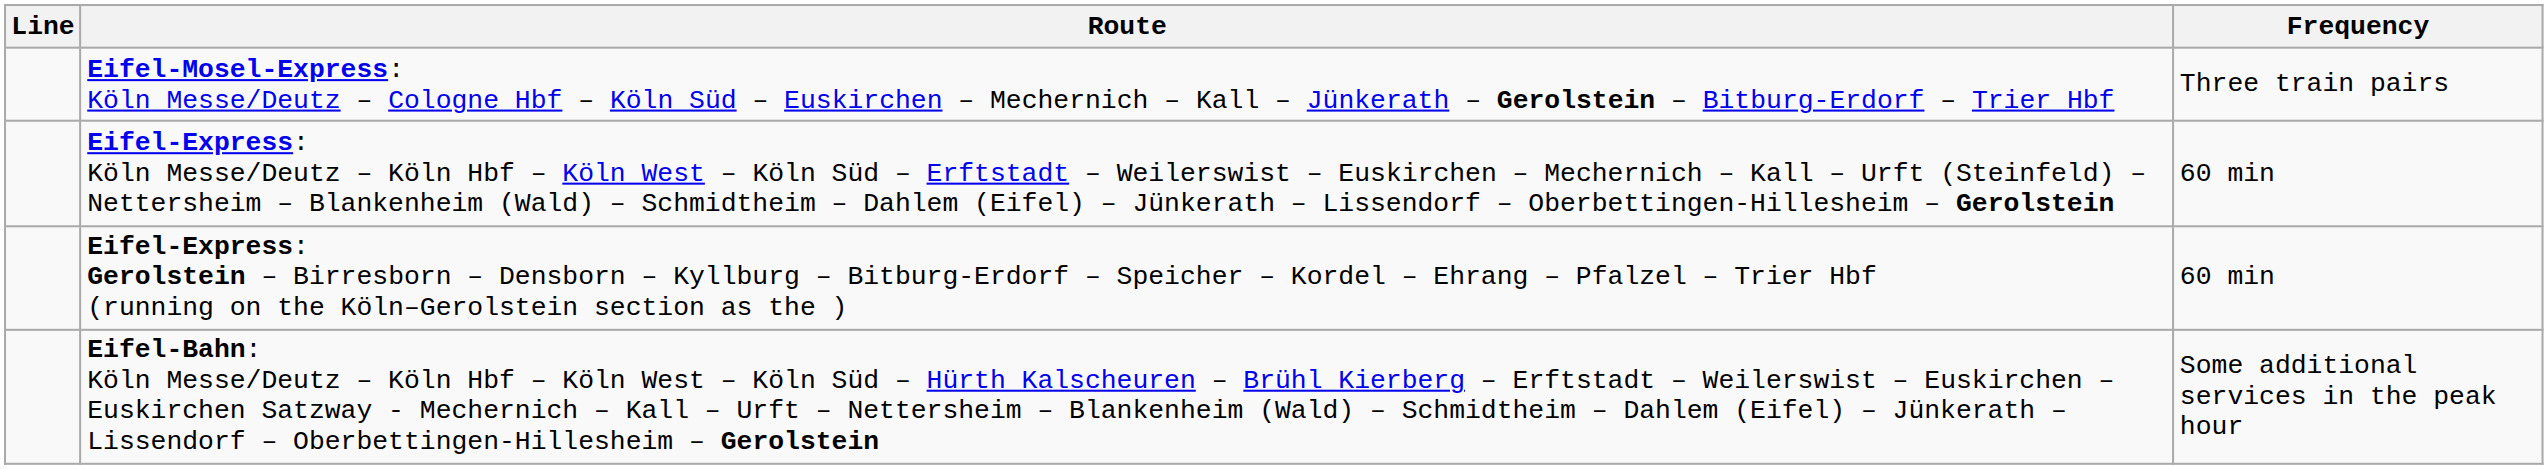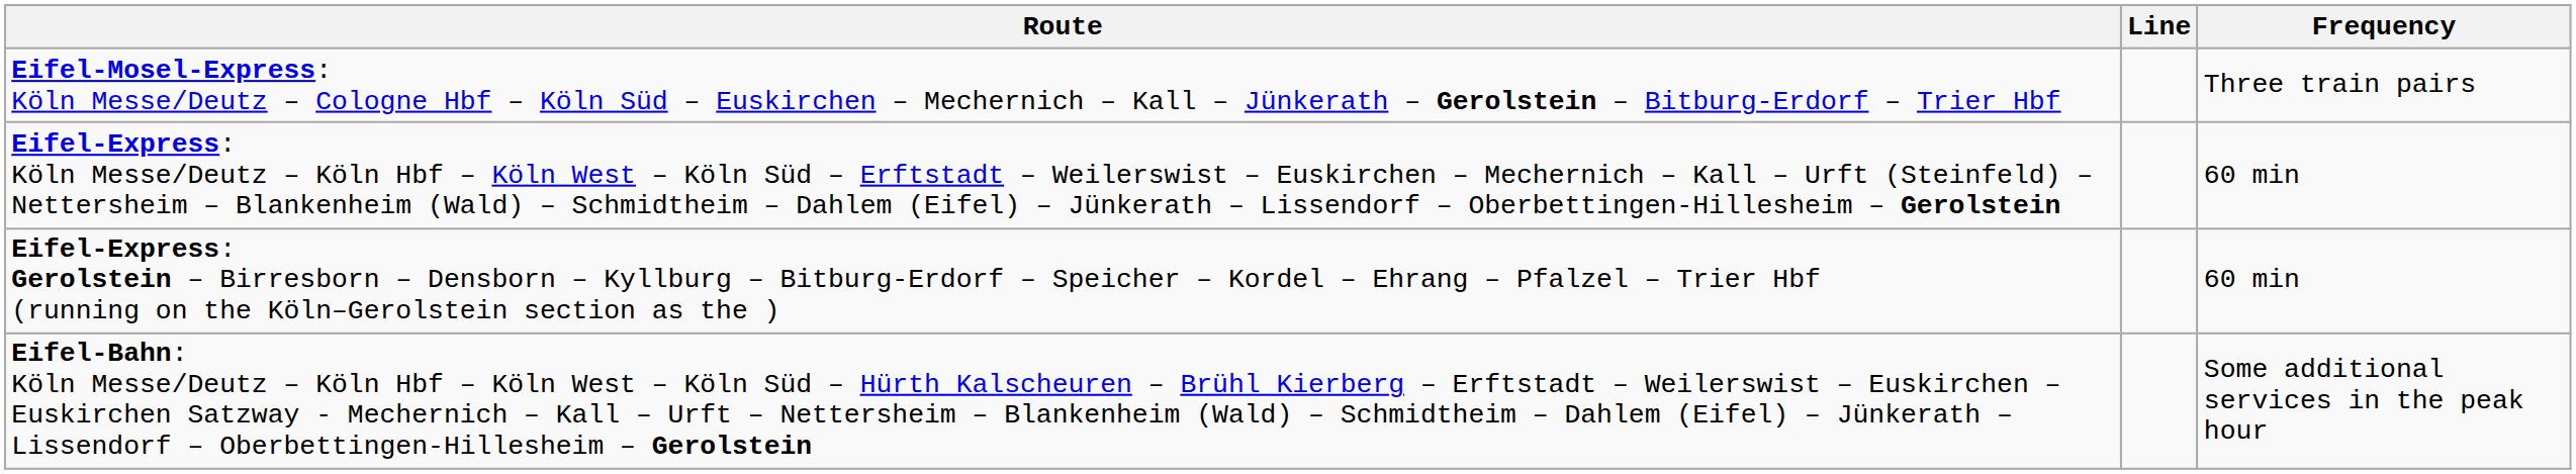 <table class="wikitable">
 <tr>
+<th>Route</th>
 <th>Line</th>
-<th>Route</th>
 <th>Frequency</th>
 </tr>
 <tr>
+<td><strong><a href='#'>Eifel-Mosel-Express</a></strong>:<br><a href='#'>Köln Messe/Deutz</a> – <a href='#'>Cologne Hbf</a> – <a href='#'>Köln Süd</a> – <a href='#'>Euskirchen</a> – Mechernich – Kall – <a href='#'>Jünkerath</a> – <strong>Gerolstein</strong> – <a href='#'>Bitburg-Erdorf</a> – <a href='#'>Trier Hbf</a></td>
 <td></td>
-<td><strong><a href='#'>Eifel-Mosel-Express</a></strong>:<br><a href='#'>Köln Messe/Deutz</a> – <a href='#'>Cologne Hbf</a> – <a href='#'>Köln Süd</a> – <a href='#'>Euskirchen</a> – Mechernich – Kall – <a href='#'>Jünkerath</a> – <strong>Gerolstein</strong> – <a href='#'>Bitburg-Erdorf</a> – <a href='#'>Trier Hbf</a></td>
 <td>Three train pairs</td>
 </tr>
 <tr>
+<td><strong><a href='#'>Eifel-Express</a></strong>:<br>Köln Messe/Deutz – Köln Hbf – <a href='#'>Köln West</a> – Köln Süd – <a href='#'>Erftstadt</a> – Weilerswist – Euskirchen – Mechernich – Kall – Urft (Steinfeld) – Nettersheim – Blankenheim (Wald) – Schmidtheim – Dahlem (Eifel) – Jünkerath – Lissendorf – Oberbettingen-Hillesheim – <strong>Gerolstein</strong></td>
 <td></td>
-<td><strong><a href='#'>Eifel-Express</a></strong>:<br>Köln Messe/Deutz – Köln Hbf – <a href='#'>Köln West</a> – Köln Süd – <a href='#'>Erftstadt</a> – Weilerswist – Euskirchen – Mechernich – Kall – Urft (Steinfeld) – Nettersheim – Blankenheim (Wald) – Schmidtheim – Dahlem (Eifel) – Jünkerath – Lissendorf – Oberbettingen-Hillesheim – <strong>Gerolstein</strong></td>
 <td>60 min</td>
 </tr>
 <tr>
+<td><strong>Eifel-Express</strong>:<br><strong>Gerolstein</strong> – Birresborn – Densborn – Kyllburg – Bitburg-Erdorf – Speicher – Kordel – Ehrang – Pfalzel – Trier Hbf<br>(running on the Köln–Gerolstein section as the )</td>
 <td></td>
-<td><strong>Eifel-Express</strong>:<br><strong>Gerolstein</strong> – Birresborn – Densborn – Kyllburg – Bitburg-Erdorf – Speicher – Kordel – Ehrang – Pfalzel – Trier Hbf<br>(running on the Köln–Gerolstein section as the )</td>
 <td>60 min</td>
 </tr>
 <tr>
+<td><strong>Eifel-Bahn</strong>:<br>Köln Messe/Deutz – Köln Hbf – Köln West – Köln Süd – <a href='#'>Hürth Kalscheuren</a> – <a href='#'>Brühl Kierberg</a> – Erftstadt – Weilerswist – Euskirchen – Euskirchen Satzway - Mechernich – Kall – Urft  – Nettersheim – Blankenheim (Wald) – Schmidtheim – Dahlem (Eifel) – Jünkerath – Lissendorf – Oberbettingen-Hillesheim – <strong>Gerolstein</strong></td>
 <td></td>
-<td><strong>Eifel-Bahn</strong>:<br>Köln Messe/Deutz – Köln Hbf – Köln West – Köln Süd – <a href='#'>Hürth Kalscheuren</a> – <a href='#'>Brühl Kierberg</a> – Erftstadt – Weilerswist – Euskirchen – Euskirchen Satzway - Mechernich – Kall – Urft  – Nettersheim – Blankenheim (Wald) – Schmidtheim – Dahlem (Eifel) – Jünkerath – Lissendorf – Oberbettingen-Hillesheim – <strong>Gerolstein</strong></td>
 <td>Some additional services in the peak hour</td>
 </tr>
 </table>
